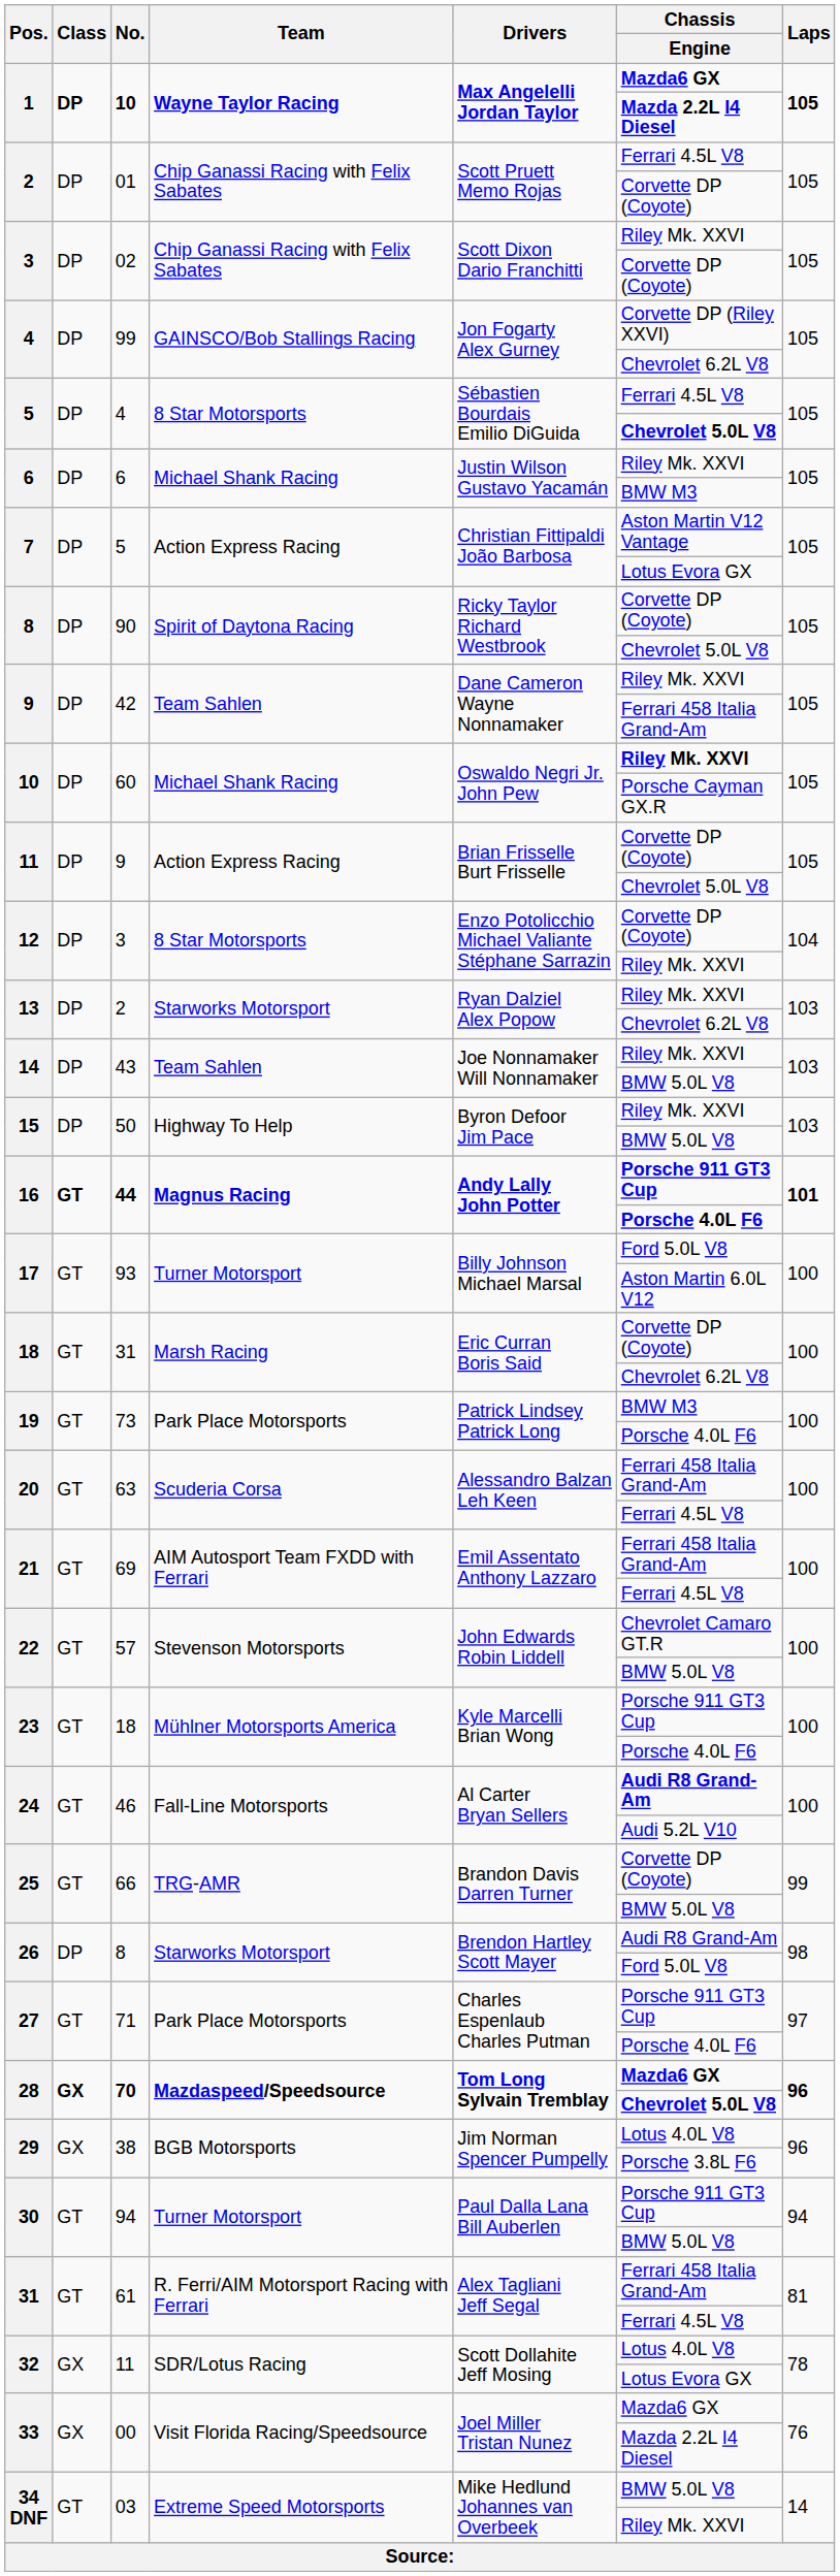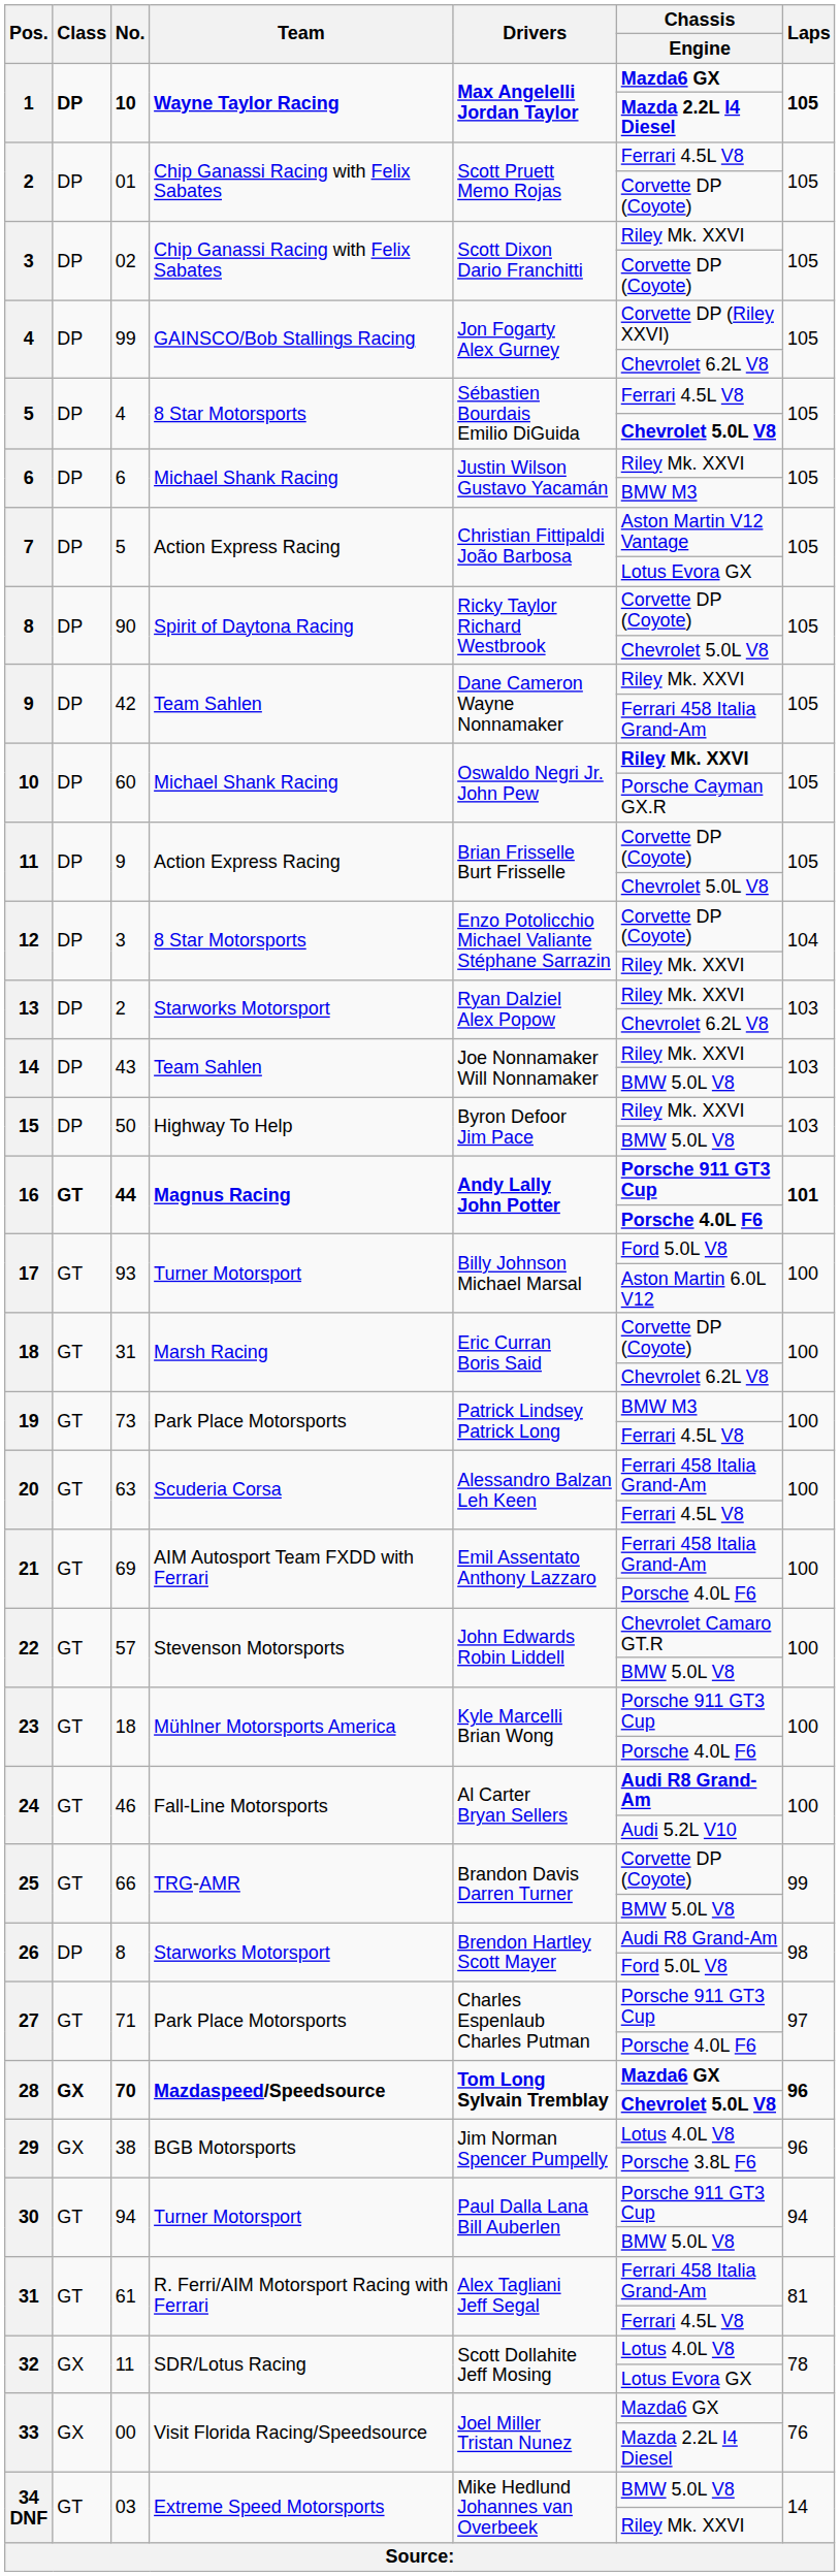 <table class="wikitable" style="font-size: 85%;">
 <tr>
 <th rowspan="2">Pos.</th>
 <th rowspan="2">Class</th>
 <th rowspan="2">No.</th>
 <th rowspan="2">Team</th>
 <th rowspan="2">Drivers</th>
 <th>Chassis</th>
 <th rowspan="2">Laps</th>
 </tr>
 <tr>
 <th>Engine</th>
 </tr>
 <tr>
 <th rowspan="2">1</th>
 <td rowspan="2"><strong>DP</strong></td>
 <td rowspan="2"><strong>10</strong></td>
 <td rowspan="2"><strong> <a href='#'>Wayne Taylor Racing</a></strong></td>
 <td rowspan="2"><strong> <a href='#'>Max Angelelli</a><br> <a href='#'>Jordan Taylor</a></strong></td>
 <td><strong><a href='#'>Mazda6</a> GX</strong></td>
 <td rowspan="2"><strong>105</strong></td>
 </tr>
 <tr>
 <td><strong><a href='#'>Mazda</a> 2.2L <a href='#'>I4</a> <a href='#'>Diesel</a></strong></td>
 </tr>
 <tr>
 <th rowspan="2">2</th>
 <td rowspan="2">DP</td>
 <td rowspan="2">01</td>
 <td rowspan="2"> <a href='#'>Chip Ganassi Racing</a> with <a href='#'>Felix Sabates</a></td>
 <td rowspan="2"> <a href='#'>Scott Pruett</a><br> <a href='#'>Memo Rojas</a></td>
 <td><a href='#'>Ferrari</a> 4.5L <a href='#'>V8</a></td>
 <td rowspan="2">105</td>
 </tr>
 <tr>
 <td><a href='#'>Corvette</a> DP (<a href='#'>Coyote</a>)</td>
 </tr>
 <tr>
 <th rowspan="2">3</th>
 <td rowspan="2">DP</td>
 <td rowspan="2">02</td>
 <td rowspan="2"> <a href='#'>Chip Ganassi Racing</a> with <a href='#'>Felix Sabates</a></td>
 <td rowspan="2"> <a href='#'>Scott Dixon</a><br> <a href='#'>Dario Franchitti</a></td>
 <td><a href='#'>Riley</a> Mk. XXVI</td>
 <td rowspan="2">105</td>
 </tr>
 <tr>
 <td><a href='#'>Corvette</a> DP (<a href='#'>Coyote</a>)</td>
 </tr>
 <tr>
 <th rowspan="2">4</th>
 <td rowspan="2">DP</td>
 <td rowspan="2">99</td>
 <td rowspan="2"> <a href='#'>GAINSCO/Bob Stallings Racing</a></td>
 <td rowspan="2"> <a href='#'>Jon Fogarty</a><br> <a href='#'>Alex Gurney</a></td>
 <td><a href='#'>Corvette</a> DP (<a href='#'>Riley</a> XXVI)</td>
 <td rowspan="2">105</td>
 </tr>
 <tr>
 <td><a href='#'>Chevrolet</a> 6.2L <a href='#'>V8</a></td>
 </tr>
 <tr>
 <th rowspan="2">5</th>
 <td rowspan="2">DP</td>
 <td rowspan="2">4</td>
 <td rowspan="2"> <a href='#'>8 Star Motorsports</a></td>
 <td rowspan="2"> <a href='#'>Sébastien Bourdais</a><br> Emilio DiGuida</td>
 <td><a href='#'>Ferrari</a> 4.5L <a href='#'>V8</a></td>
 <td rowspan="2">105</td>
 </tr>
 <tr>
 <td><strong><a href='#'>Chevrolet</a> 5.0L <a href='#'>V8</a></strong></td>
 </tr>
 <tr>
 <th rowspan="2">6</th>
 <td rowspan="2">DP</td>
 <td rowspan="2">6</td>
 <td rowspan="2"> <a href='#'>Michael Shank Racing</a></td>
 <td rowspan="2"> <a href='#'>Justin Wilson</a><br> <a href='#'>Gustavo Yacamán</a></td>
 <td><a href='#'>Riley</a> Mk. XXVI</td>
 <td rowspan="2">105</td>
 </tr>
 <tr>
 <td><a href='#'>BMW M3</a></td>
 </tr>
 <tr>
 <th rowspan="2">7</th>
 <td rowspan="2">DP</td>
 <td rowspan="2">5</td>
 <td rowspan="2"> Action Express Racing</td>
 <td rowspan="2"> <a href='#'>Christian Fittipaldi</a><br> <a href='#'>João Barbosa</a></td>
 <td><a href='#'>Aston Martin V12 Vantage</a></td>
 <td rowspan="2">105</td>
 </tr>
 <tr>
 <td><a href='#'>Lotus Evora</a> GX</td>
 </tr>
 <tr>
 <th rowspan="2">8</th>
 <td rowspan="2">DP</td>
 <td rowspan="2">90</td>
 <td rowspan="2"> <a href='#'>Spirit of Daytona Racing</a></td>
 <td rowspan="2"> <a href='#'>Ricky Taylor</a><br> <a href='#'>Richard Westbrook</a></td>
 <td><a href='#'>Corvette</a> DP (<a href='#'>Coyote</a>)</td>
 <td rowspan="2">105</td>
 </tr>
 <tr>
 <td><a href='#'>Chevrolet</a> 5.0L <a href='#'>V8</a></td>
 </tr>
 <tr>
 <th rowspan="2">9</th>
 <td rowspan="2">DP</td>
 <td rowspan="2">42</td>
 <td rowspan="2"> <a href='#'>Team Sahlen</a></td>
 <td rowspan="2"> <a href='#'>Dane Cameron</a><br> Wayne Nonnamaker</td>
 <td><a href='#'>Riley</a> Mk. XXVI</td>
 <td rowspan="2">105</td>
 </tr>
 <tr>
 <td><a href='#'>Ferrari 458 Italia Grand-Am</a></td>
 </tr>
 <tr>
 <th rowspan="2">10</th>
 <td rowspan="2">DP</td>
 <td rowspan="2">60</td>
 <td rowspan="2"> <a href='#'>Michael Shank Racing</a></td>
 <td rowspan="2"> <a href='#'>Oswaldo Negri Jr.</a><br> <a href='#'>John Pew</a></td>
 <td><strong><a href='#'>Riley</a> Mk. XXVI</strong></td>
 <td rowspan="2">105</td>
 </tr>
 <tr>
 <td><a href='#'>Porsche Cayman</a> GX.R</td>
 </tr>
 <tr>
 <th rowspan="2">11</th>
 <td rowspan="2">DP</td>
 <td rowspan="2">9</td>
 <td rowspan="2"> Action Express Racing</td>
 <td rowspan="2"> <a href='#'>Brian Frisselle</a><br> Burt Frisselle</td>
 <td><a href='#'>Corvette</a> DP (<a href='#'>Coyote</a>)</td>
 <td rowspan="2">105</td>
 </tr>
 <tr>
 <td><a href='#'>Chevrolet</a> 5.0L <a href='#'>V8</a></td>
 </tr>
 <tr>
 <th rowspan="2">12</th>
 <td rowspan="2">DP</td>
 <td rowspan="2">3</td>
 <td rowspan="2"> <a href='#'>8 Star Motorsports</a></td>
 <td rowspan="2"> <a href='#'>Enzo Potolicchio</a><br> <a href='#'>Michael Valiante</a><br> <a href='#'>Stéphane Sarrazin</a></td>
 <td><a href='#'>Corvette</a> DP (<a href='#'>Coyote</a>)</td>
 <td rowspan="2">104</td>
 </tr>
 <tr>
 <td><a href='#'>Riley</a> Mk. XXVI</td>
 </tr>
 <tr>
 <th rowspan="2">13</th>
 <td rowspan="2">DP</td>
 <td rowspan="2">2</td>
 <td rowspan="2"> <a href='#'>Starworks Motorsport</a></td>
 <td rowspan="2"> <a href='#'>Ryan Dalziel</a><br> <a href='#'>Alex Popow</a></td>
 <td><a href='#'>Riley</a> Mk. XXVI</td>
 <td rowspan="2">103</td>
 </tr>
 <tr>
 <td><a href='#'>Chevrolet</a> 6.2L <a href='#'>V8</a></td>
 </tr>
 <tr>
 <th rowspan="2">14</th>
 <td rowspan="2">DP</td>
 <td rowspan="2">43</td>
 <td rowspan="2"> <a href='#'>Team Sahlen</a></td>
 <td rowspan="2"> Joe Nonnamaker<br> Will Nonnamaker</td>
 <td><a href='#'>Riley</a> Mk. XXVI</td>
 <td rowspan="2">103</td>
 </tr>
 <tr>
 <td><a href='#'>BMW</a> 5.0L <a href='#'>V8</a></td>
 </tr>
 <tr>
 <th rowspan="2">15</th>
 <td rowspan="2">DP</td>
 <td rowspan="2">50</td>
 <td rowspan="2"> Highway To Help</td>
 <td rowspan="2"> Byron Defoor<br> <a href='#'>Jim Pace</a></td>
 <td><a href='#'>Riley</a> Mk. XXVI</td>
 <td rowspan="2">103</td>
 </tr>
 <tr>
 <td><a href='#'>BMW</a> 5.0L <a href='#'>V8</a></td>
 </tr>
 <tr>
 <th rowspan="2">16</th>
 <td rowspan="2"><strong>GT</strong></td>
 <td rowspan="2"><strong>44</strong></td>
 <td rowspan="2"><strong> <a href='#'>Magnus Racing</a></strong></td>
 <td rowspan="2"><strong> <a href='#'>Andy Lally</a><br> <a href='#'>John Potter</a></strong></td>
 <td><strong><a href='#'>Porsche 911 GT3 Cup</a></strong></td>
 <td rowspan="2"><strong>101</strong></td>
 </tr>
 <tr>
 <td><strong><a href='#'>Porsche</a> 4.0L <a href='#'>F6</a></strong></td>
 </tr>
 <tr>
 <th rowspan="2">17</th>
 <td rowspan="2">GT</td>
 <td rowspan="2">93</td>
 <td rowspan="2"> <a href='#'>Turner Motorsport</a></td>
 <td rowspan="2"> <a href='#'>Billy Johnson</a><br> Michael Marsal</td>
 <td><a href='#'>Ford</a> 5.0L <a href='#'>V8</a></td>
 <td rowspan="2">100</td>
 </tr>
 <tr>
 <td><a href='#'>Aston Martin</a> 6.0L <a href='#'>V12</a></td>
 </tr>
 <tr>
 <th rowspan="2">18</th>
 <td rowspan="2">GT</td>
 <td rowspan="2">31</td>
 <td rowspan="2"> <a href='#'>Marsh Racing</a></td>
 <td rowspan="2"> <a href='#'>Eric Curran</a><br> <a href='#'>Boris Said</a></td>
 <td><a href='#'>Corvette</a> DP (<a href='#'>Coyote</a>)</td>
 <td rowspan="2">100</td>
 </tr>
 <tr>
 <td><a href='#'>Chevrolet</a> 6.2L <a href='#'>V8</a></td>
 </tr>
 <tr>
 <th rowspan="2">19</th>
 <td rowspan="2">GT</td>
 <td rowspan="2">73</td>
 <td rowspan="2"> Park Place Motorsports</td>
 <td rowspan="2"> <a href='#'>Patrick Lindsey</a><br> <a href='#'>Patrick Long</a></td>
 <td><a href='#'>BMW M3</a></td>
 <td rowspan="2">100</td>
 </tr>
 <tr>
-<td><a href='#'>Porsche</a> 4.0L <a href='#'>F6</a></td>
+<td><a href='#'>Ferrari</a> 4.5L <a href='#'>V8</a></td>
 </tr>
 <tr>
 <th rowspan="2">20</th>
 <td rowspan="2">GT</td>
 <td rowspan="2">63</td>
 <td rowspan="2"> <a href='#'>Scuderia Corsa</a></td>
 <td rowspan="2"> <a href='#'>Alessandro Balzan</a><br> <a href='#'>Leh Keen</a></td>
 <td><a href='#'>Ferrari 458 Italia Grand-Am</a></td>
 <td rowspan="2">100</td>
 </tr>
 <tr>
 <td><a href='#'>Ferrari</a> 4.5L <a href='#'>V8</a></td>
 </tr>
 <tr>
 <th rowspan="2">21</th>
 <td rowspan="2">GT</td>
 <td rowspan="2">69</td>
 <td rowspan="2"> AIM Autosport Team FXDD with <a href='#'>Ferrari</a></td>
 <td rowspan="2"> <a href='#'>Emil Assentato</a><br> <a href='#'>Anthony Lazzaro</a></td>
 <td><a href='#'>Ferrari 458 Italia Grand-Am</a></td>
 <td rowspan="2">100</td>
 </tr>
 <tr>
-<td><a href='#'>Ferrari</a> 4.5L <a href='#'>V8</a></td>
+<td><a href='#'>Porsche</a> 4.0L <a href='#'>F6</a></td>
 </tr>
 <tr>
 <th rowspan="2">22</th>
 <td rowspan="2">GT</td>
 <td rowspan="2">57</td>
 <td rowspan="2"> Stevenson Motorsports</td>
 <td rowspan="2"> <a href='#'>John Edwards</a><br> <a href='#'>Robin Liddell</a></td>
 <td><a href='#'>Chevrolet Camaro</a> GT.R</td>
 <td rowspan="2">100</td>
 </tr>
 <tr>
 <td><a href='#'>BMW</a> 5.0L <a href='#'>V8</a></td>
 </tr>
 <tr>
 <th rowspan="2">23</th>
 <td rowspan="2">GT</td>
 <td rowspan="2">18</td>
 <td rowspan="2"> <a href='#'>Mühlner Motorsports America</a></td>
 <td rowspan="2"> <a href='#'>Kyle Marcelli</a><br> Brian Wong</td>
 <td><a href='#'>Porsche 911 GT3 Cup</a></td>
 <td rowspan="2">100</td>
 </tr>
 <tr>
 <td><a href='#'>Porsche</a> 4.0L <a href='#'>F6</a></td>
 </tr>
 <tr>
 <th rowspan="2">24</th>
 <td rowspan="2">GT</td>
 <td rowspan="2">46</td>
 <td rowspan="2"> Fall-Line Motorsports</td>
 <td rowspan="2"> Al Carter<br> <a href='#'>Bryan Sellers</a></td>
 <td><strong><a href='#'>Audi R8 Grand-Am</a></strong></td>
 <td rowspan="2">100</td>
 </tr>
 <tr>
 <td><a href='#'>Audi</a> 5.2L <a href='#'>V10</a></td>
 </tr>
 <tr>
 <th rowspan="2">25</th>
 <td rowspan="2">GT</td>
 <td rowspan="2">66</td>
 <td rowspan="2"> <a href='#'>TRG</a>-<a href='#'>AMR</a></td>
 <td rowspan="2"> Brandon Davis<br> <a href='#'>Darren Turner</a></td>
 <td><a href='#'>Corvette</a> DP (<a href='#'>Coyote</a>)</td>
 <td rowspan="2">99</td>
 </tr>
 <tr>
 <td><a href='#'>BMW</a> 5.0L <a href='#'>V8</a></td>
 </tr>
 <tr>
 <th rowspan="2">26</th>
 <td rowspan="2">DP</td>
 <td rowspan="2">8</td>
 <td rowspan="2"> <a href='#'>Starworks Motorsport</a></td>
 <td rowspan="2"> <a href='#'>Brendon Hartley</a><br> <a href='#'>Scott Mayer</a></td>
 <td><a href='#'>Audi R8 Grand-Am</a></td>
 <td rowspan="2">98</td>
 </tr>
 <tr>
 <td><a href='#'>Ford</a> 5.0L <a href='#'>V8</a></td>
 </tr>
 <tr>
 <th rowspan="2">27</th>
 <td rowspan="2">GT</td>
 <td rowspan="2">71</td>
 <td rowspan="2"> Park Place Motorsports</td>
 <td rowspan="2"> Charles Espenlaub<br> Charles Putman</td>
 <td><a href='#'>Porsche 911 GT3 Cup</a></td>
 <td rowspan="2">97</td>
 </tr>
 <tr>
 <td><a href='#'>Porsche</a> 4.0L <a href='#'>F6</a></td>
 </tr>
 <tr>
 <th rowspan="2">28</th>
 <td rowspan="2"><strong>GX</strong></td>
 <td rowspan="2"><strong>70</strong></td>
 <td rowspan="2"><strong> <a href='#'>Mazdaspeed</a>/Speedsource</strong></td>
 <td rowspan="2"><strong> <a href='#'>Tom Long</a><br> Sylvain Tremblay</strong></td>
 <td><strong><a href='#'>Mazda6</a> GX</strong></td>
 <td rowspan="2"><strong>96</strong></td>
 </tr>
 <tr>
 <td><strong><a href='#'>Chevrolet</a> 5.0L <a href='#'>V8</a></strong></td>
 </tr>
 <tr>
 <th rowspan="2">29</th>
 <td rowspan="2">GX</td>
 <td rowspan="2">38</td>
 <td rowspan="2"> BGB Motorsports</td>
 <td rowspan="2"> Jim Norman<br> <a href='#'>Spencer Pumpelly</a></td>
 <td><a href='#'>Lotus</a> 4.0L <a href='#'>V8</a></td>
 <td rowspan="2">96</td>
 </tr>
 <tr>
 <td><a href='#'>Porsche</a> 3.8L <a href='#'>F6</a></td>
 </tr>
 <tr>
 <th rowspan="2">30</th>
 <td rowspan="2">GT</td>
 <td rowspan="2">94</td>
 <td rowspan="2"> <a href='#'>Turner Motorsport</a></td>
 <td rowspan="2"> <a href='#'>Paul Dalla Lana</a><br> <a href='#'>Bill Auberlen</a></td>
 <td><a href='#'>Porsche 911 GT3 Cup</a></td>
 <td rowspan="2">94</td>
 </tr>
 <tr>
 <td><a href='#'>BMW</a> 5.0L <a href='#'>V8</a></td>
 </tr>
 <tr>
 <th rowspan="2">31</th>
 <td rowspan="2">GT</td>
 <td rowspan="2">61</td>
 <td rowspan="2"> R. Ferri/AIM Motorsport Racing with <a href='#'>Ferrari</a></td>
 <td rowspan="2"> <a href='#'>Alex Tagliani</a><br> <a href='#'>Jeff Segal</a></td>
 <td><a href='#'>Ferrari 458 Italia Grand-Am</a></td>
 <td rowspan="2">81</td>
 </tr>
 <tr>
 <td><a href='#'>Ferrari</a> 4.5L <a href='#'>V8</a></td>
 </tr>
 <tr>
 <th rowspan="2">32</th>
 <td rowspan="2">GX</td>
 <td rowspan="2">11</td>
 <td rowspan="2"> SDR/Lotus Racing</td>
 <td rowspan="2"> Scott Dollahite<br> Jeff Mosing</td>
 <td><a href='#'>Lotus</a> 4.0L <a href='#'>V8</a></td>
 <td rowspan="2">78</td>
 </tr>
 <tr>
 <td><a href='#'>Lotus Evora</a> GX</td>
 </tr>
 <tr>
 <th rowspan="2">33</th>
 <td rowspan="2">GX</td>
 <td rowspan="2">00</td>
 <td rowspan="2"> Visit Florida Racing/Speedsource</td>
 <td rowspan="2"> <a href='#'>Joel Miller</a><br> <a href='#'>Tristan Nunez</a></td>
 <td><a href='#'>Mazda6</a> GX</td>
 <td rowspan="2">76</td>
 </tr>
 <tr>
 <td><a href='#'>Mazda</a> 2.2L <a href='#'>I4</a> <a href='#'>Diesel</a></td>
 </tr>
 <tr>
 <th rowspan="2">34<br>DNF</th>
 <td rowspan="2">GT</td>
 <td rowspan="2">03</td>
 <td rowspan="2"> <a href='#'>Extreme Speed Motorsports</a></td>
 <td rowspan="2"> Mike Hedlund<br> <a href='#'>Johannes van Overbeek</a></td>
 <td><a href='#'>BMW</a> 5.0L <a href='#'>V8</a></td>
 <td rowspan="2">14</td>
 </tr>
 <tr>
 <td><a href='#'>Riley</a> Mk. XXVI</td>
 </tr>
 <tr>
 <th colspan="7">Source:</th>
 </tr>
 </table>
